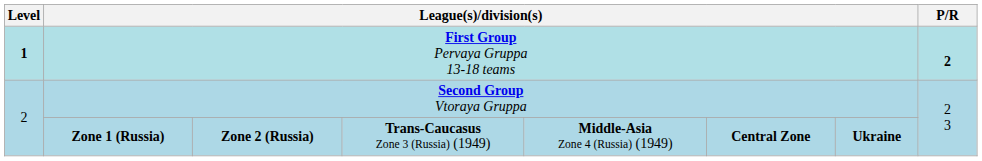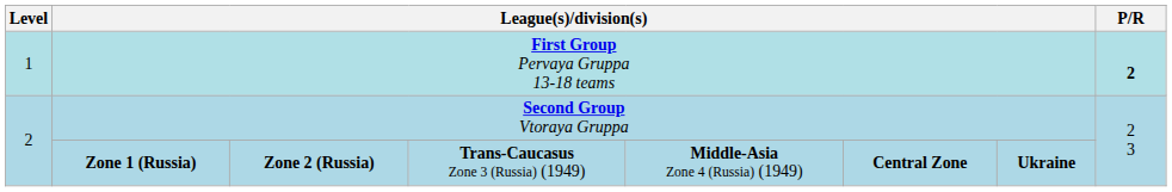 <table class="wikitable" style="text-align:center">
 <tr>
 <th style="width:4%">Level</th>
 <th colspan="6" style="width:90%">League(s)/division(s)</th>
 <th style="width:6%">P/R</th>
 </tr>
 <tr bgcolor=powderblue>
-<td><strong>1</strong></td>
+<td>1</td>
 <td colspan="6"><strong><a href='#'>First Group</a></strong><br><em>Pervaya Gruppa</em><br><em>13-18 teams</em></td>
 <td><strong><br> 2</strong></td>
 </tr>
 <tr bgcolor=lightblue>
 <td rowspan="2">2</td>
 <td colspan="6"><strong><a href='#'>Second Group</a></strong><br><em>Vtoraya Gruppa</em><br></td>
 <td rowspan="2"> 2<br> 3</td>
 </tr>
 <tr bgcolor=lightblue>
 <td><strong>Zone 1 (Russia)</strong><br></td>
 <td><strong>Zone 2 (Russia)</strong><br></td>
 <td><strong>Trans-Caucasus</strong><br><small>Zone 3 (Russia)</small> (1949)</td>
 <td><strong>Middle-Asia</strong><br><small>Zone 4 (Russia)</small> (1949)</td>
 <td><strong>Central Zone</strong><br></td>
 <td><strong>Ukraine</strong><br></td>
 </tr>
 </table>
